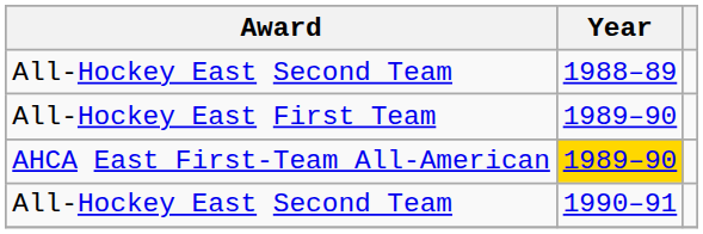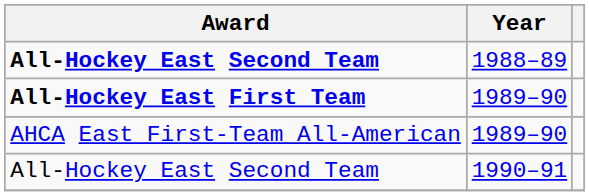 <table class="wikitable">
 <tr>
 <th>Award</th>
 <th>Year</th>
 <th></th>
 </tr>
 <tr>
-<td>All-<a href='#'>Hockey East</a> <a href='#'>Second Team</a></td>
+<td><strong>All-<a href='#'>Hockey East</a> <a href='#'>Second Team</a></strong></td>
 <td><a href='#'>1988–89</a></td>
 <td></td>
 </tr>
 <tr>
-<td>All-<a href='#'>Hockey East</a> <a href='#'>First Team</a></td>
+<td><strong>All-<a href='#'>Hockey East</a> <a href='#'>First Team</a></strong></td>
 <td><a href='#'>1989–90</a></td>
 <td></td>
 </tr>
 <tr>
 <td><a href='#'>AHCA</a> <a href='#'>East First-Team All-American</a></td>
-<td style="background: gold;"><a href='#'>1989–90</a></td>
+<td><a href='#'>1989–90</a></td>
 <td></td>
 </tr>
 <tr>
 <td>All-<a href='#'>Hockey East</a> <a href='#'>Second Team</a></td>
 <td><a href='#'>1990–91</a></td>
 <td></td>
 </tr>
 <tr>
 </tr>
 </table>
